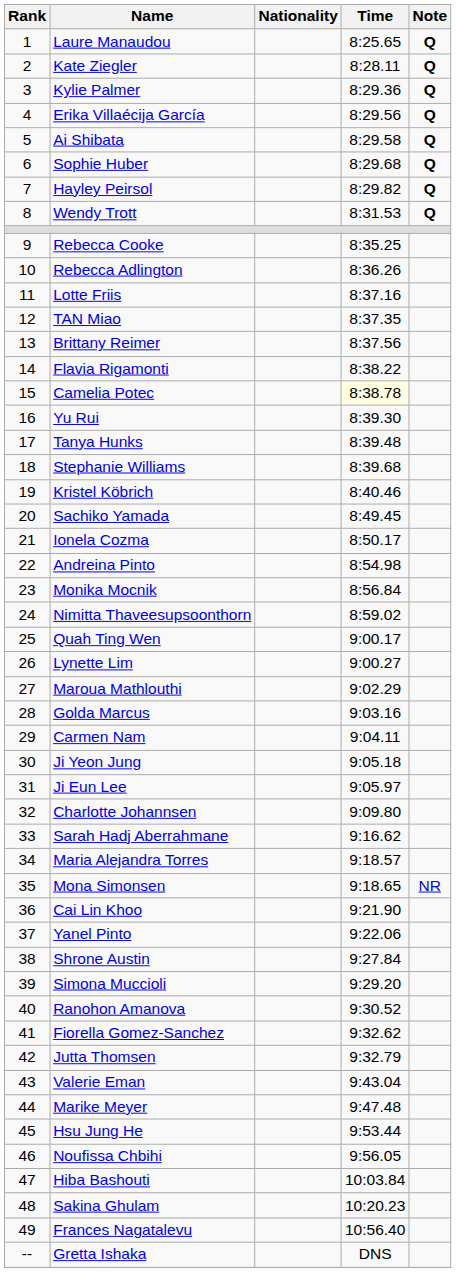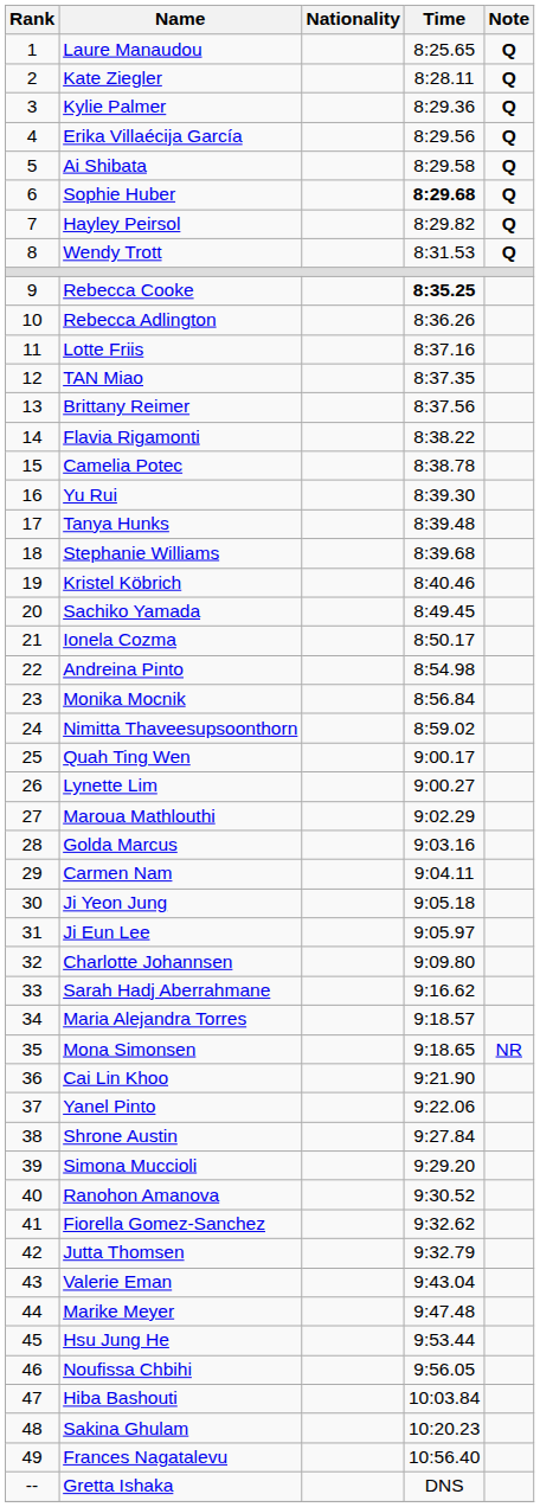 <table class="wikitable" style="text-align:center">
 <tr>
 <th>Rank</th>
 <th>Name</th>
 <th>Nationality</th>
 <th>Time</th>
 <th>Note</th>
 </tr>
 <tr>
 <td>1</td>
 <td align=left><a href='#'>Laure Manaudou</a></td>
 <td align=left></td>
 <td>8:25.65</td>
 <td><strong>Q</strong></td>
 </tr>
 <tr>
 <td>2</td>
 <td align=left><a href='#'>Kate Ziegler</a></td>
 <td align=left></td>
 <td>8:28.11</td>
 <td><strong>Q</strong></td>
 </tr>
 <tr>
 <td>3</td>
 <td align=left><a href='#'>Kylie Palmer</a></td>
 <td align=left></td>
 <td>8:29.36</td>
 <td><strong>Q</strong></td>
 </tr>
 <tr>
 <td>4</td>
 <td align=left><a href='#'>Erika Villaécija García</a></td>
 <td align=left></td>
 <td>8:29.56</td>
 <td><strong>Q</strong></td>
 </tr>
 <tr>
 <td>5</td>
 <td align=left><a href='#'>Ai Shibata</a></td>
 <td align=left></td>
 <td>8:29.58</td>
 <td><strong>Q</strong></td>
 </tr>
 <tr>
 <td>6</td>
 <td align=left><a href='#'>Sophie Huber</a></td>
 <td align=left></td>
-<td>8:29.68</td>
+<td><strong>8:29.68</strong></td>
 <td><strong>Q</strong></td>
 </tr>
 <tr>
 <td>7</td>
 <td align=left><a href='#'>Hayley Peirsol</a></td>
 <td align=left></td>
 <td>8:29.82</td>
 <td><strong>Q</strong></td>
 </tr>
 <tr>
 <td>8</td>
 <td align=left><a href='#'>Wendy Trott</a></td>
 <td align=left></td>
 <td>8:31.53</td>
 <td><strong>Q</strong></td>
 </tr>
 <tr bgcolor=#DDDDDD>
 <td colspan=5></td>
 </tr>
 <tr>
 <td>9</td>
 <td align=left><a href='#'>Rebecca Cooke</a></td>
 <td align=left></td>
-<td>8:35.25</td>
+<td><strong>8:35.25</strong></td>
 <td></td>
 </tr>
 <tr>
 <td>10</td>
 <td align=left><a href='#'>Rebecca Adlington</a></td>
 <td align=left></td>
 <td>8:36.26</td>
 <td></td>
 </tr>
 <tr>
 <td>11</td>
 <td align=left><a href='#'>Lotte Friis</a></td>
 <td align=left></td>
 <td>8:37.16</td>
 <td></td>
 </tr>
 <tr>
 <td>12</td>
 <td align=left><a href='#'>TAN Miao</a></td>
 <td align=left></td>
 <td>8:37.35</td>
 <td></td>
 </tr>
 <tr>
 <td>13</td>
 <td align=left><a href='#'>Brittany Reimer</a></td>
 <td align=left></td>
 <td>8:37.56</td>
 <td></td>
 </tr>
 <tr>
 <td>14</td>
 <td align=left><a href='#'>Flavia Rigamonti</a></td>
 <td align=left></td>
 <td>8:38.22</td>
 <td></td>
 </tr>
 <tr>
 <td>15</td>
 <td align=left><a href='#'>Camelia Potec</a></td>
 <td align=left></td>
-<td style="background: lightyellow;">8:38.78</td>
+<td>8:38.78</td>
 <td></td>
 </tr>
 <tr>
 <td>16</td>
 <td align=left><a href='#'>Yu Rui</a></td>
 <td align=left></td>
 <td>8:39.30</td>
 <td></td>
 </tr>
 <tr>
 <td>17</td>
 <td align=left><a href='#'>Tanya Hunks</a></td>
 <td align=left></td>
 <td>8:39.48</td>
 <td></td>
 </tr>
 <tr>
 <td>18</td>
 <td align=left><a href='#'>Stephanie Williams</a></td>
 <td align=left></td>
 <td>8:39.68</td>
 <td></td>
 </tr>
 <tr>
 <td>19</td>
 <td align=left><a href='#'>Kristel Köbrich</a></td>
 <td align=left></td>
 <td>8:40.46</td>
 <td></td>
 </tr>
 <tr>
 <td>20</td>
 <td align=left><a href='#'>Sachiko Yamada</a></td>
 <td align=left></td>
 <td>8:49.45</td>
 <td></td>
 </tr>
 <tr>
 <td>21</td>
 <td align=left><a href='#'>Ionela Cozma</a></td>
 <td align=left></td>
 <td>8:50.17</td>
 <td></td>
 </tr>
 <tr>
 <td>22</td>
 <td align=left><a href='#'>Andreina Pinto</a></td>
 <td align=left></td>
 <td>8:54.98</td>
 <td></td>
 </tr>
 <tr>
 <td>23</td>
 <td align=left><a href='#'>Monika Mocnik</a></td>
 <td align=left></td>
 <td>8:56.84</td>
 <td></td>
 </tr>
 <tr>
 <td>24</td>
 <td align=left><a href='#'>Nimitta Thaveesupsoonthorn</a></td>
 <td align=left></td>
 <td>8:59.02</td>
 <td></td>
 </tr>
 <tr>
 <td>25</td>
 <td align=left><a href='#'>Quah Ting Wen</a></td>
 <td align=left></td>
 <td>9:00.17</td>
 <td></td>
 </tr>
 <tr>
 <td>26</td>
 <td align=left><a href='#'>Lynette Lim</a></td>
 <td align=left></td>
 <td>9:00.27</td>
 <td></td>
 </tr>
 <tr>
 <td>27</td>
 <td align=left><a href='#'>Maroua Mathlouthi</a></td>
 <td align=left></td>
 <td>9:02.29</td>
 <td></td>
 </tr>
 <tr>
 <td>28</td>
 <td align=left><a href='#'>Golda Marcus</a></td>
 <td align=left></td>
 <td>9:03.16</td>
 <td></td>
 </tr>
 <tr>
 <td>29</td>
 <td align=left><a href='#'>Carmen Nam</a></td>
 <td align=left></td>
 <td>9:04.11</td>
 <td></td>
 </tr>
 <tr>
 <td>30</td>
 <td align=left><a href='#'>Ji Yeon Jung</a></td>
 <td align=left></td>
 <td>9:05.18</td>
 <td></td>
 </tr>
 <tr>
 <td>31</td>
 <td align=left><a href='#'>Ji Eun Lee</a></td>
 <td align=left></td>
 <td>9:05.97</td>
 <td></td>
 </tr>
 <tr>
 <td>32</td>
 <td align=left><a href='#'>Charlotte Johannsen</a></td>
 <td align=left></td>
 <td>9:09.80</td>
 <td></td>
 </tr>
 <tr>
 <td>33</td>
 <td align=left><a href='#'>Sarah Hadj Aberrahmane</a></td>
 <td align=left></td>
 <td>9:16.62</td>
 <td></td>
 </tr>
 <tr>
 <td>34</td>
 <td align=left><a href='#'>Maria Alejandra Torres</a></td>
 <td align=left></td>
 <td>9:18.57</td>
 <td></td>
 </tr>
 <tr>
 <td>35</td>
 <td align=left><a href='#'>Mona Simonsen</a></td>
 <td align=left></td>
 <td>9:18.65</td>
 <td><a href='#'>NR</a></td>
 </tr>
 <tr>
 <td>36</td>
 <td align=left><a href='#'>Cai Lin Khoo</a></td>
 <td align=left></td>
 <td>9:21.90</td>
 <td></td>
 </tr>
 <tr>
 <td>37</td>
 <td align=left><a href='#'>Yanel Pinto</a></td>
 <td align=left></td>
 <td>9:22.06</td>
 <td></td>
 </tr>
 <tr>
 <td>38</td>
 <td align=left><a href='#'>Shrone Austin</a></td>
 <td align=left></td>
 <td>9:27.84</td>
 <td></td>
 </tr>
 <tr>
 <td>39</td>
 <td align=left><a href='#'>Simona Muccioli</a></td>
 <td align=left></td>
 <td>9:29.20</td>
 <td></td>
 </tr>
 <tr>
 <td>40</td>
 <td align=left><a href='#'>Ranohon Amanova</a></td>
 <td align=left></td>
 <td>9:30.52</td>
 <td></td>
 </tr>
 <tr>
 <td>41</td>
 <td align=left><a href='#'>Fiorella Gomez-Sanchez</a></td>
 <td align=left></td>
 <td>9:32.62</td>
 <td></td>
 </tr>
 <tr>
 <td>42</td>
 <td align=left><a href='#'>Jutta Thomsen</a></td>
 <td align=left></td>
 <td>9:32.79</td>
 <td></td>
 </tr>
 <tr>
 <td>43</td>
 <td align=left><a href='#'>Valerie Eman</a></td>
 <td align=left></td>
 <td>9:43.04</td>
 <td></td>
 </tr>
 <tr>
 <td>44</td>
 <td align=left><a href='#'>Marike Meyer</a></td>
 <td align=left></td>
 <td>9:47.48</td>
 <td></td>
 </tr>
 <tr>
 <td>45</td>
 <td align=left><a href='#'>Hsu Jung He</a></td>
 <td align=left></td>
 <td>9:53.44</td>
 <td></td>
 </tr>
 <tr>
 <td>46</td>
 <td align=left><a href='#'>Noufissa Chbihi</a></td>
 <td align=left></td>
 <td>9:56.05</td>
 <td></td>
 </tr>
 <tr>
 <td>47</td>
 <td align=left><a href='#'>Hiba Bashouti</a></td>
 <td align=left></td>
 <td>10:03.84</td>
 <td></td>
 </tr>
 <tr>
 <td>48</td>
 <td align=left><a href='#'>Sakina Ghulam</a></td>
 <td align=left></td>
 <td>10:20.23</td>
 <td></td>
 </tr>
 <tr>
 <td>49</td>
 <td align=left><a href='#'>Frances Nagatalevu</a></td>
 <td align=left></td>
 <td>10:56.40</td>
 <td></td>
 </tr>
 <tr>
 <td>--</td>
 <td align=left><a href='#'>Gretta Ishaka</a></td>
 <td align=left></td>
 <td>DNS</td>
 <td></td>
 </tr>
 <tr>
 </tr>
 </table>
